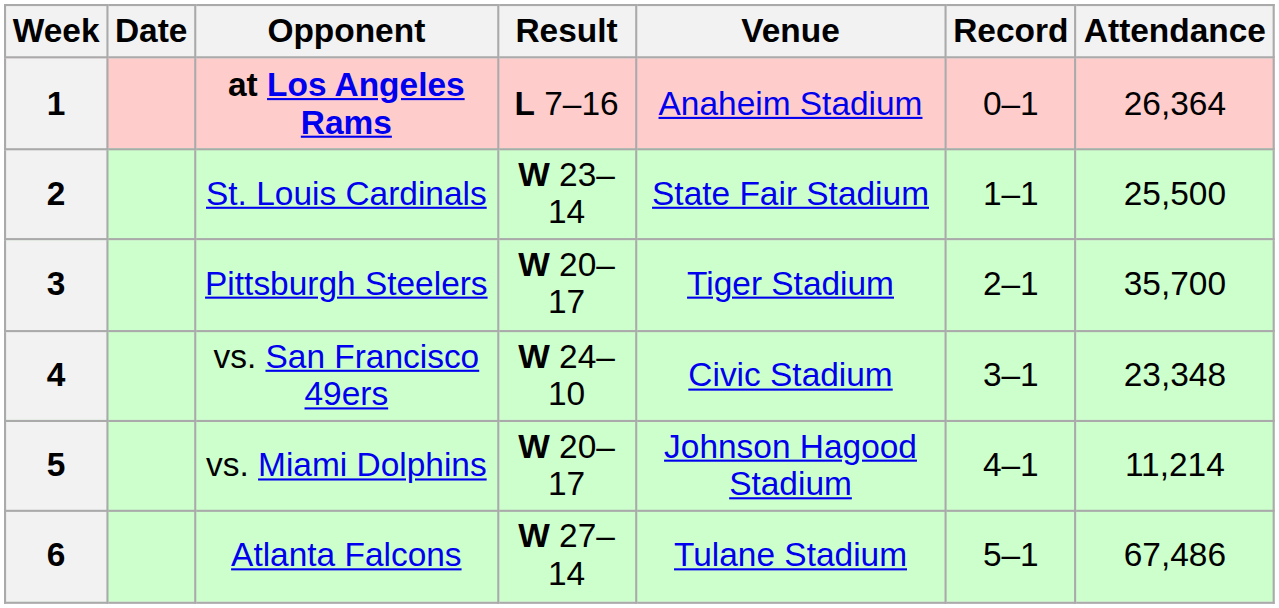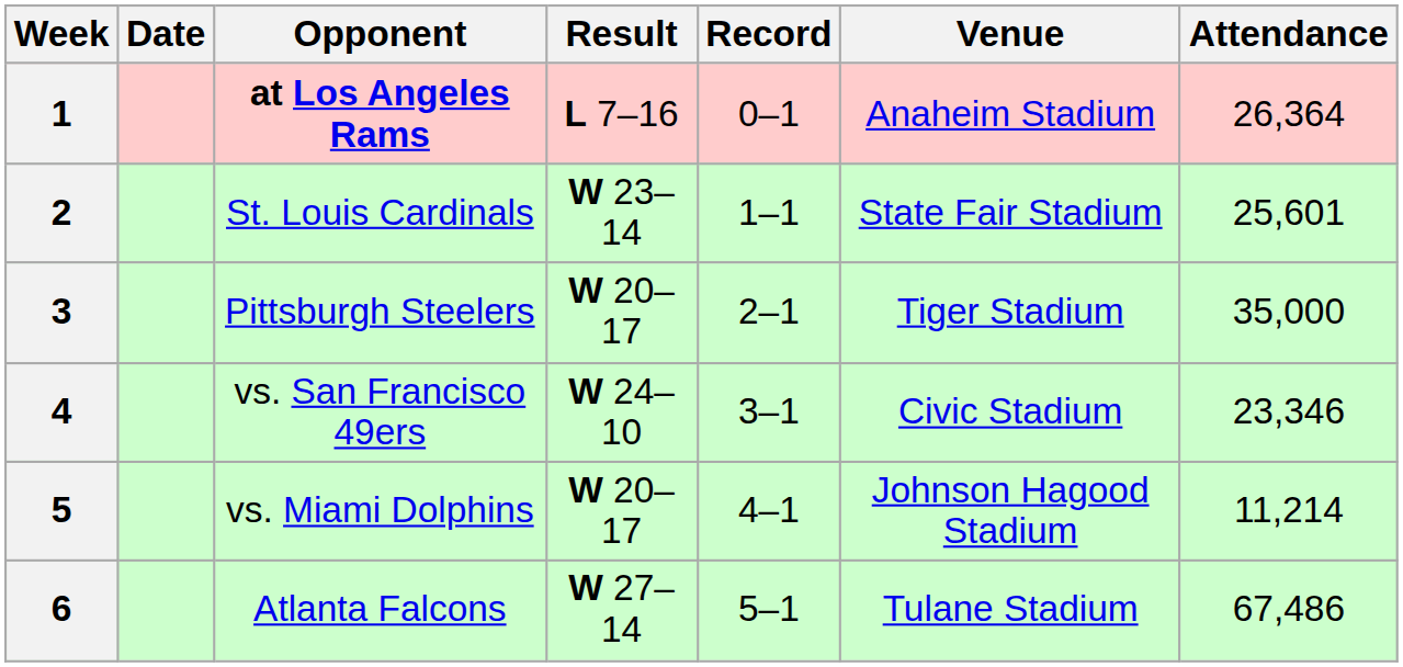 <table class="wikitable" style="text-align:center">
 <tr>
 <th>Week</th>
 <th>Date</th>
 <th>Opponent</th>
 <th>Result</th>
+<th>Record</th>
 <th>Venue</th>
-<th>Record</th>
 <th>Attendance</th>
 </tr>
 <tr style="background:#fcc">
 <th>1</th>
 <td></td>
 <td><strong>at <a href='#'>Los Angeles Rams</a></strong></td>
 <td><strong>L</strong> 7–16</td>
+<td>0–1</td>
 <td><a href='#'>Anaheim Stadium</a></td>
-<td>0–1</td>
 <td>26,364</td>
 </tr>
 <tr style="background:#cfc">
 <th>2</th>
 <td></td>
 <td><a href='#'>St. Louis Cardinals</a></td>
 <td><strong>W</strong> 23–14</td>
+<td>1–1</td>
 <td><a href='#'>State Fair Stadium</a></td>
-<td>1–1</td>
-<td>25,500</td>
+<td>25,601</td>
 </tr>
 <tr style="background:#cfc">
 <th>3</th>
 <td></td>
 <td><a href='#'>Pittsburgh Steelers</a></td>
 <td><strong>W</strong> 20–17</td>
+<td>2–1</td>
 <td><a href='#'>Tiger Stadium</a></td>
-<td>2–1</td>
-<td>35,700</td>
+<td>35,000</td>
 </tr>
 <tr style="background:#cfc">
 <th>4</th>
 <td></td>
 <td>vs. <a href='#'>San Francisco 49ers</a></td>
 <td><strong>W</strong> 24–10</td>
+<td>3–1</td>
 <td><a href='#'>Civic Stadium</a></td>
-<td>3–1</td>
-<td>23,348</td>
+<td>23,346</td>
 </tr>
 <tr style="background:#cfc">
 <th>5</th>
 <td></td>
 <td>vs. <a href='#'>Miami Dolphins</a></td>
 <td><strong>W</strong> 20–17</td>
+<td>4–1</td>
 <td><a href='#'>Johnson Hagood Stadium</a></td>
-<td>4–1</td>
 <td>11,214</td>
 </tr>
 <tr style="background:#cfc">
 <th>6</th>
 <td></td>
 <td><a href='#'>Atlanta Falcons</a></td>
 <td><strong>W</strong> 27–14</td>
+<td>5–1</td>
 <td><a href='#'>Tulane Stadium</a></td>
-<td>5–1</td>
 <td>67,486</td>
 </tr>
 </table>
